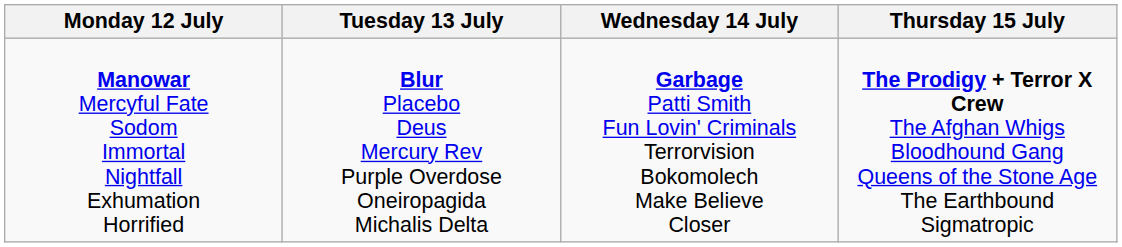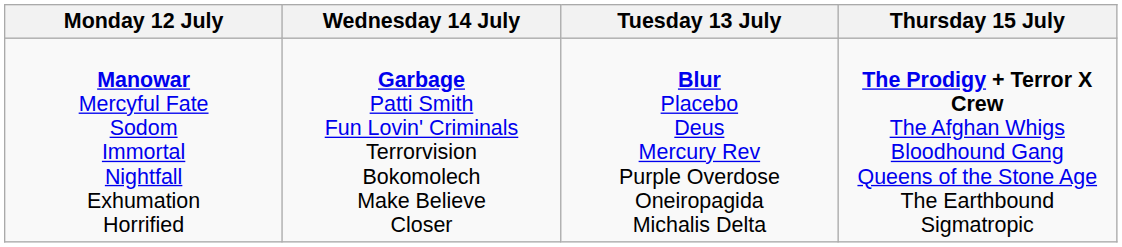 <table class="wikitable">
 <tr>
 <th>Monday 12 July</th>
+<th>Wednesday 14 July</th>
 <th>Tuesday 13 July</th>
-<th>Wednesday 14 July</th>
 <th>Thursday 15 July</th>
 </tr>
 <tr>
 <td valign="top" align="center" width=200><br><strong><a href='#'>Manowar</a></strong> <br><a href='#'>Mercyful Fate</a> <br><a href='#'>Sodom</a> <br><a href='#'>Immortal</a> <br><a href='#'>Nightfall</a> <br>Exhumation <br>Horrified</td>
+<td valign="top" align="center" width=200><br><strong><a href='#'>Garbage</a></strong> <br><a href='#'>Patti Smith</a> <br><a href='#'>Fun Lovin' Criminals</a> <br>Terrorvision <br>Bokomolech <br>Make Believe <br>Closer</td>
 <td valign="top" align="center" width=200><br><strong><a href='#'>Blur</a></strong> <br><a href='#'>Placebo</a> <br><a href='#'>Deus</a> <br><a href='#'>Mercury Rev</a> <br>Purple Overdose <br>Oneiropagida <br>Michalis Delta</td>
-<td valign="top" align="center" width=200><br><strong><a href='#'>Garbage</a></strong> <br><a href='#'>Patti Smith</a> <br><a href='#'>Fun Lovin' Criminals</a> <br>Terrorvision <br>Bokomolech <br>Make Believe <br>Closer</td>
 <td valign="top" align="center" width=200><br><strong><a href='#'>The Prodigy</a> + Terror X Crew</strong> <br><a href='#'>The Afghan Whigs</a> <br><a href='#'>Bloodhound Gang</a> <br><a href='#'>Queens of the Stone Age</a> <br>The Earthbound <br>Sigmatropic</td>
 </tr>
 </table>
